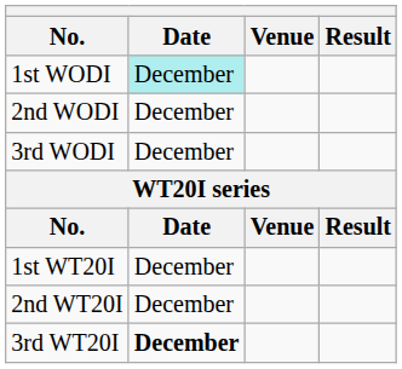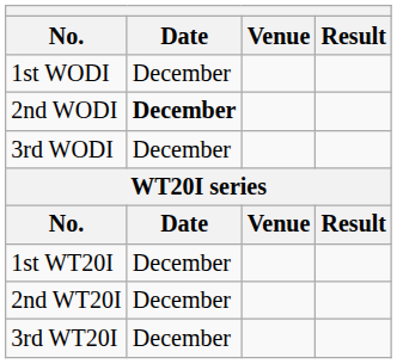 <table class="wikitable">
 <tr>
 <th colspan="4"></th>
 </tr>
 <tr>
 <th>No.</th>
 <th>Date</th>
 <th>Venue</th>
 <th>Result</th>
 </tr>
 <tr>
 <td>1st WODI</td>
-<td style="background: paleturquoise;">December</td>
+<td>December</td>
 <td></td>
 <td></td>
 </tr>
 <tr>
 <td>2nd WODI</td>
-<td>December</td>
+<td><strong>December</strong></td>
 <td></td>
 <td></td>
 </tr>
 <tr>
 <td>3rd WODI</td>
 <td>December</td>
 <td></td>
 <td></td>
 </tr>
 <tr>
 <th colspan="4">WT20I series</th>
 </tr>
 <tr>
 <th>No.</th>
 <th>Date</th>
 <th>Venue</th>
 <th>Result</th>
 </tr>
 <tr>
 <td>1st WT20I</td>
 <td>December</td>
 <td></td>
 <td></td>
 </tr>
 <tr>
 <td>2nd WT20I</td>
 <td>December</td>
 <td></td>
 <td></td>
 </tr>
 <tr>
 <td>3rd WT20I</td>
-<td><strong>December</strong></td>
+<td>December</td>
 <td></td>
 <td></td>
 </tr>
 </table>
